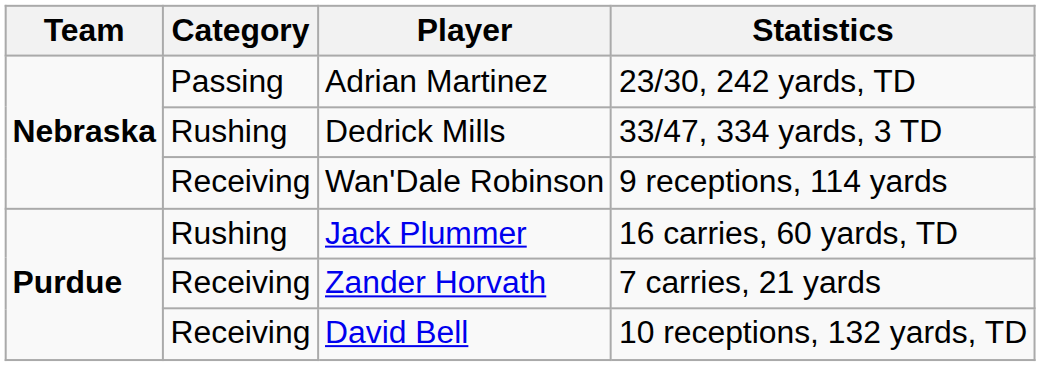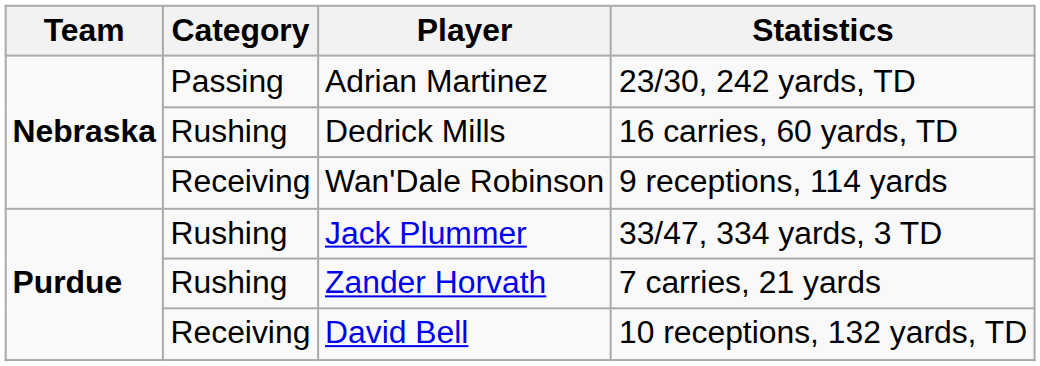 <table class="wikitable" style="float: right;">
 <tr>
 <th>Team</th>
 <th>Category</th>
 <th>Player</th>
 <th>Statistics</th>
 </tr>
 <tr>
 <td rowspan=3><strong>Nebraska</strong></td>
 <td>Passing</td>
 <td>Adrian Martinez</td>
 <td>23/30, 242 yards, TD</td>
 </tr>
 <tr>
 <td>Rushing</td>
 <td>Dedrick Mills</td>
-<td>33/47, 334 yards, 3 TD</td>
+<td>16 carries, 60 yards, TD</td>
 </tr>
 <tr>
 <td>Receiving</td>
 <td>Wan'Dale Robinson</td>
 <td>9 receptions, 114 yards</td>
 </tr>
 <tr>
 <td rowspan=3><strong>Purdue</strong></td>
 <td>Rushing</td>
 <td><a href='#'>Jack Plummer</a></td>
-<td>16 carries, 60 yards, TD</td>
+<td>33/47, 334 yards, 3 TD</td>
 </tr>
 <tr>
-<td>Receiving</td>
+<td>Rushing</td>
 <td><a href='#'>Zander Horvath</a></td>
 <td>7 carries, 21 yards</td>
 </tr>
 <tr>
 <td>Receiving</td>
 <td><a href='#'>David Bell</a></td>
 <td>10 receptions, 132 yards, TD</td>
 </tr>
 </table>
